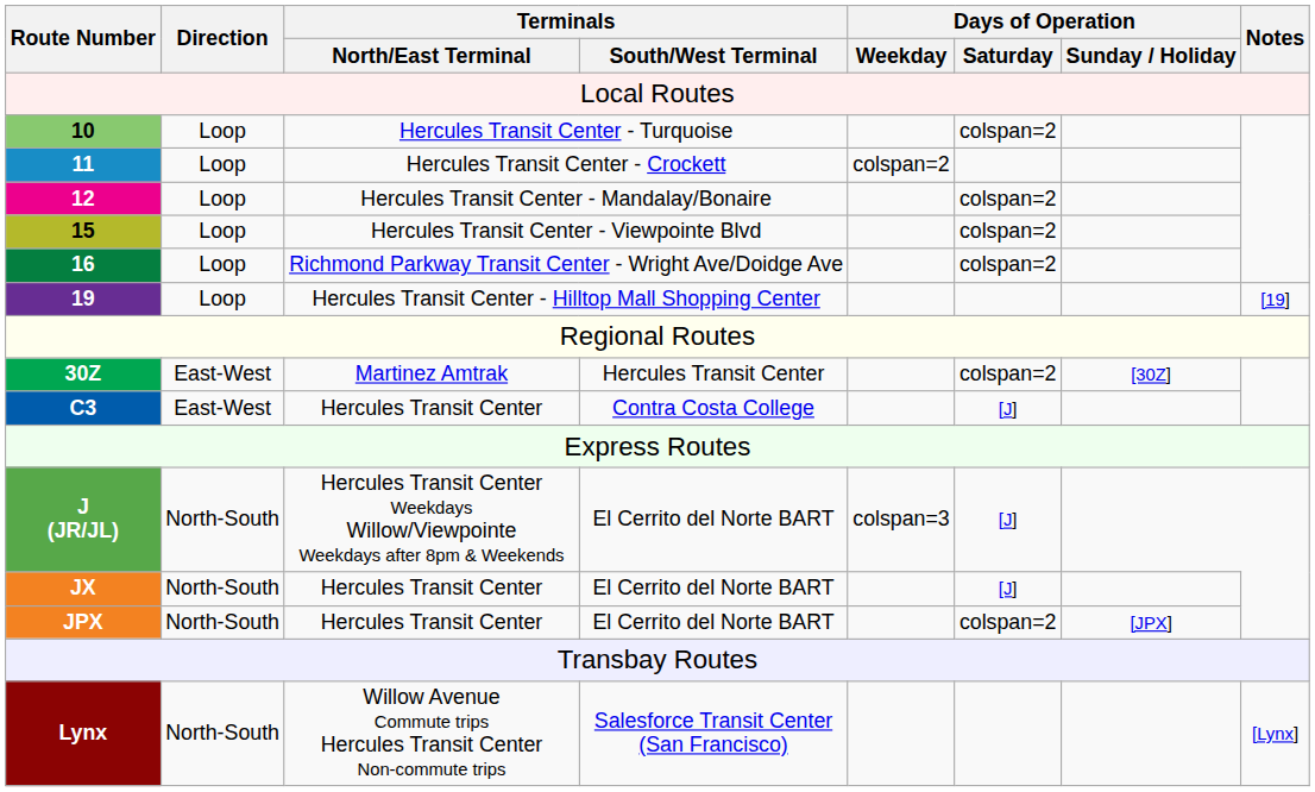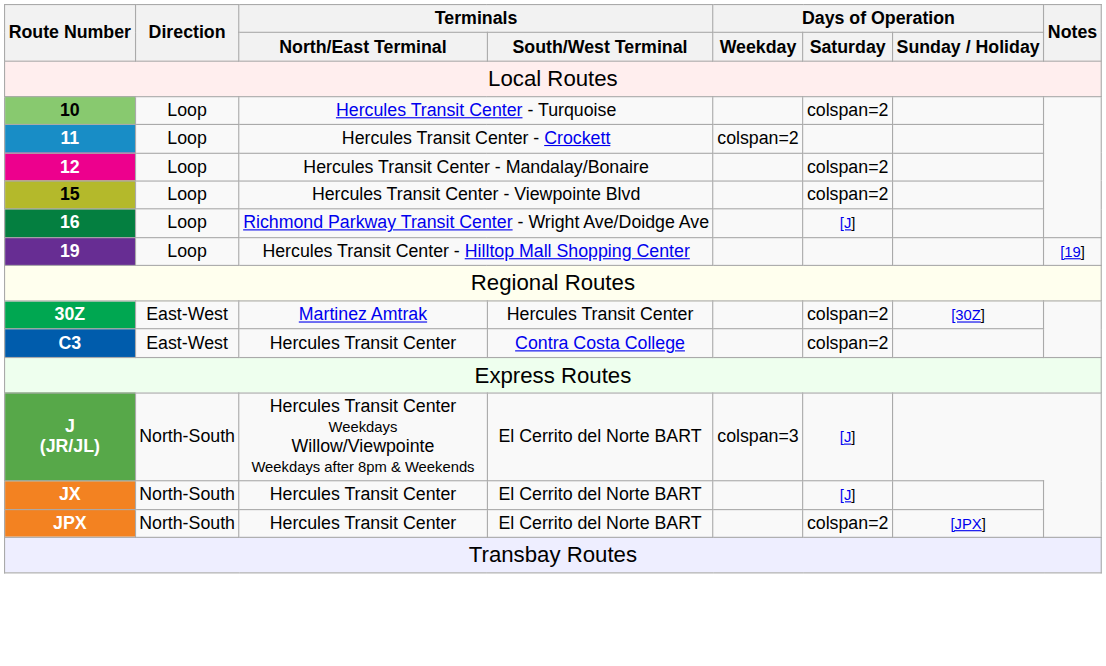 <table class="wikitable" style="text-align:center">
 <tr>
 <th rowspan="2">Route Number</th>
 <th rowspan="2">Direction</th>
 <th colspan="2">Terminals</th>
 <th colspan="3">Days of Operation</th>
 <th rowspan="2">Notes</th>
 </tr>
 <tr>
 <th>North/East Terminal</th>
 <th>South/West Terminal</th>
 <th>Weekday</th>
 <th>Saturday</th>
 <th>Sunday / Holiday</th>
 </tr>
 <tr>
 <td colspan=8 style="font-size:125%;background:#fee;">Local Routes</td>
 </tr>
 <tr>
 <th style="background:#88c96f;color:#000;">10</th>
 <td>Loop</td>
 <td colspan="2"><a href='#'>Hercules Transit Center</a> - Turquoise</td>
 <td></td>
 <td>colspan=2 </td>
 <td></td>
 </tr>
 <tr>
 <th style="background:#188dc6;color:#fff;">11</th>
 <td>Loop</td>
 <td colspan="2">Hercules Transit Center - <a href='#'>Crockett</a></td>
 <td>colspan=2 </td>
 <td></td>
 <td></td>
 </tr>
 <tr>
 <th style="background:#ed008d;color:#fff;">12</th>
 <td>Loop</td>
 <td colspan="2">Hercules Transit Center - Mandalay/Bonaire</td>
 <td></td>
 <td>colspan=2 </td>
 <td></td>
 </tr>
 <tr>
 <th style="background:#b4b92b;color:#000;">15</th>
 <td>Loop</td>
 <td colspan="2">Hercules Transit Center - Viewpointe Blvd</td>
 <td></td>
 <td>colspan=2 </td>
 <td></td>
 </tr>
 <tr>
 <th style="background:#047f40;color:#fff;">16</th>
 <td>Loop</td>
 <td colspan="2"><a href='#'>Richmond Parkway Transit Center</a> - Wright Ave/Doidge Ave</td>
 <td></td>
-<td>colspan=2 </td>
+<td><small><a href='#'>[J</a>]</small></td>
 <td></td>
 </tr>
 <tr>
 <th style="background:#672d93;color:#fff;">19</th>
 <td>Loop</td>
 <td colspan="2">Hercules Transit Center - <a href='#'>Hilltop Mall Shopping Center</a></td>
 <td></td>
 <td></td>
 <td></td>
 <td><small><a href='#'>[19</a>]</small></td>
 </tr>
 <tr>
 <td colspan=8 style="font-size:125%;background:#ffe;">Regional Routes</td>
 </tr>
 <tr>
 <th style="background:#00a751;color:#fff;">30Z</th>
 <td>East-West</td>
 <td><a href='#'>Martinez Amtrak</a></td>
 <td>Hercules Transit Center</td>
 <td></td>
 <td>colspan=2 </td>
 <td><small><a href='#'>[30Z</a>]</small></td>
 </tr>
 <tr>
 <th style="background:#005cac;color:#fff;">C3</th>
 <td>East-West</td>
 <td>Hercules Transit Center<br></td>
 <td><a href='#'>Contra Costa College</a></td>
 <td></td>
-<td><small><a href='#'>[J</a>]</small></td>
+<td>colspan=2 </td>
 <td></td>
 </tr>
 <tr>
 <td colspan=8 style="font-size:125%;background:#efe;">Express Routes</td>
 </tr>
 <tr>
 <th style="background:#57a849;color:#fff;">J<br> (JR/JL)</th>
 <td>North-South</td>
 <td>Hercules Transit Center<br><small>Weekdays</small><br> Willow/Viewpointe <br><small>Weekdays after 8pm & Weekends</small></td>
 <td>El Cerrito del Norte BART</td>
 <td>colspan=3 </td>
 <td><small><a href='#'>[J</a>]</small></td>
 </tr>
 <tr>
 <th style="background:#f38221;color:#fff;">JX</th>
 <td>North-South</td>
 <td>Hercules Transit Center</td>
 <td>El Cerrito del Norte BART</td>
 <td></td>
 <td><small><a href='#'>[J</a>]</small></td>
 <td></td>
 </tr>
 <tr>
 <th style="background:#f38221;color:#fff;">JPX</th>
 <td>North-South</td>
 <td>Hercules Transit Center</td>
 <td>El Cerrito del Norte BART</td>
 <td></td>
 <td>colspan=2 </td>
 <td><small><a href='#'>[JPX</a>]</small></td>
 </tr>
 <tr>
 <td colspan=8 style="font-size:125%;background:#eef;">Transbay Routes</td>
 </tr>
-<tr>
-<th style="background:#8b0303;color:#fff;">Lynx</th>
-<td>North-South</td>
-<td>Willow Avenue<br><small>Commute trips</small><br>Hercules Transit Center<br><small>Non-commute trips</small></td>
-<td><a href='#'>Salesforce Transit Center</a><br><a href='#'>(San Francisco)</a></td>
-<td></td>
-<td></td>
-<td></td>
-<td><small><a href='#'>[Lynx</a>]</small></td>
-</tr>
 </table>
